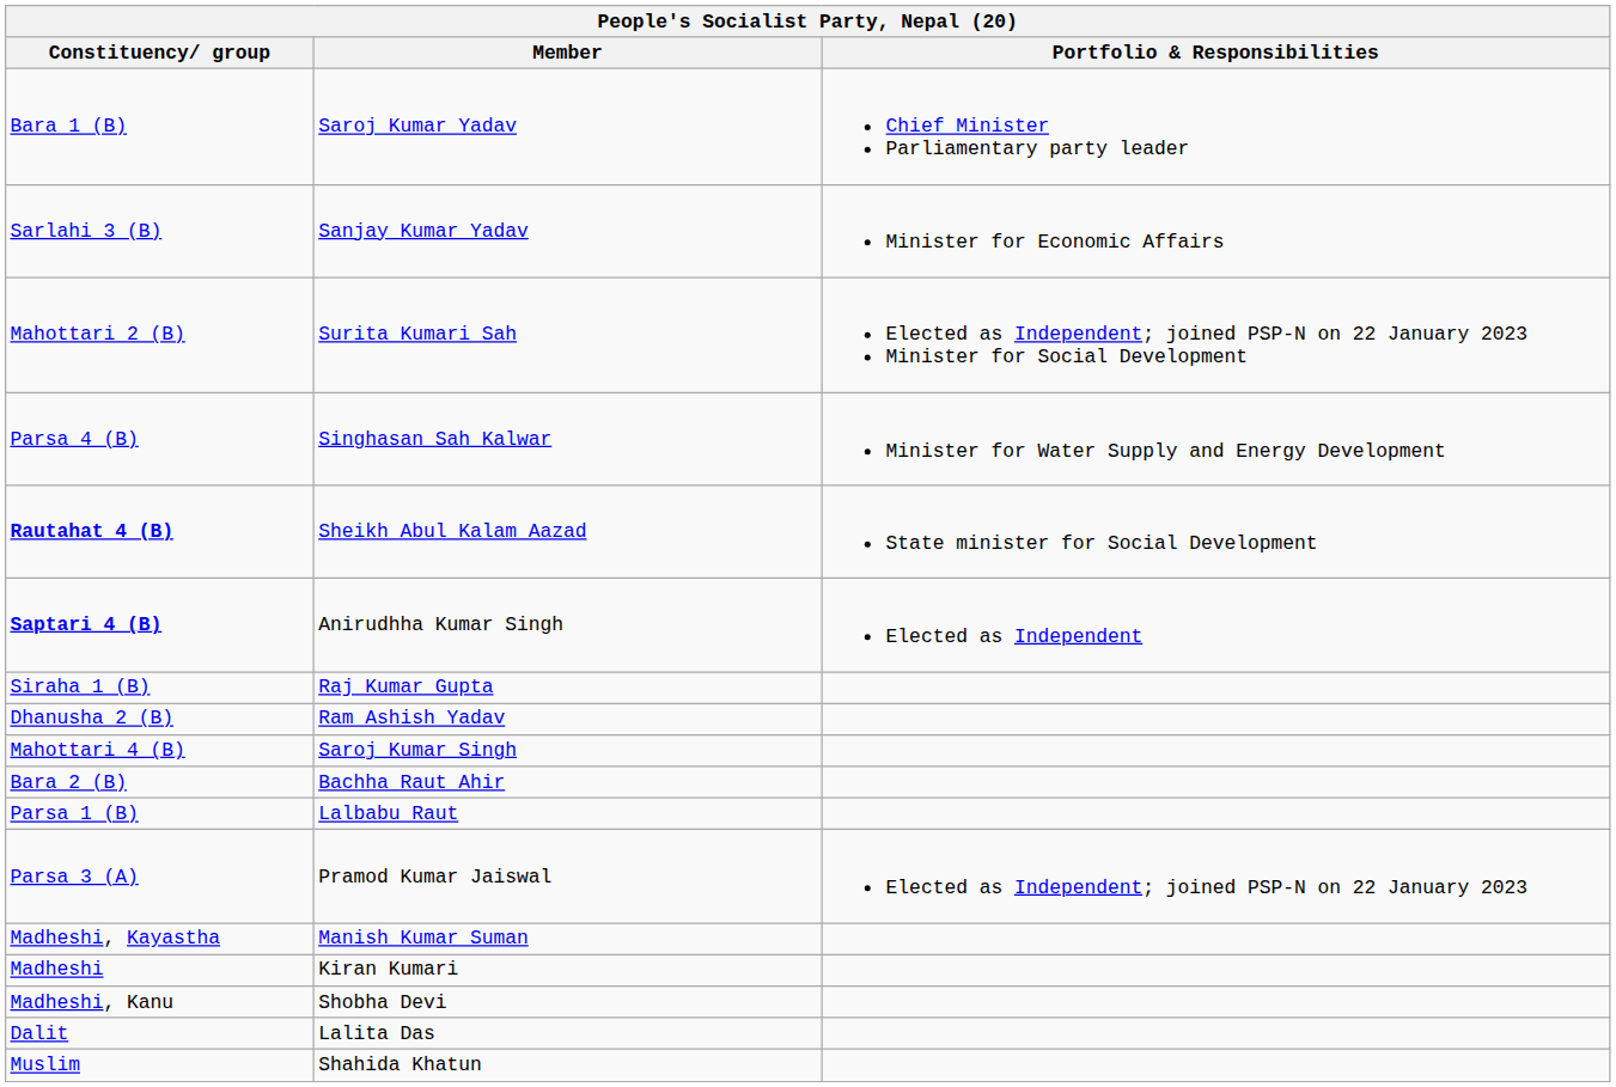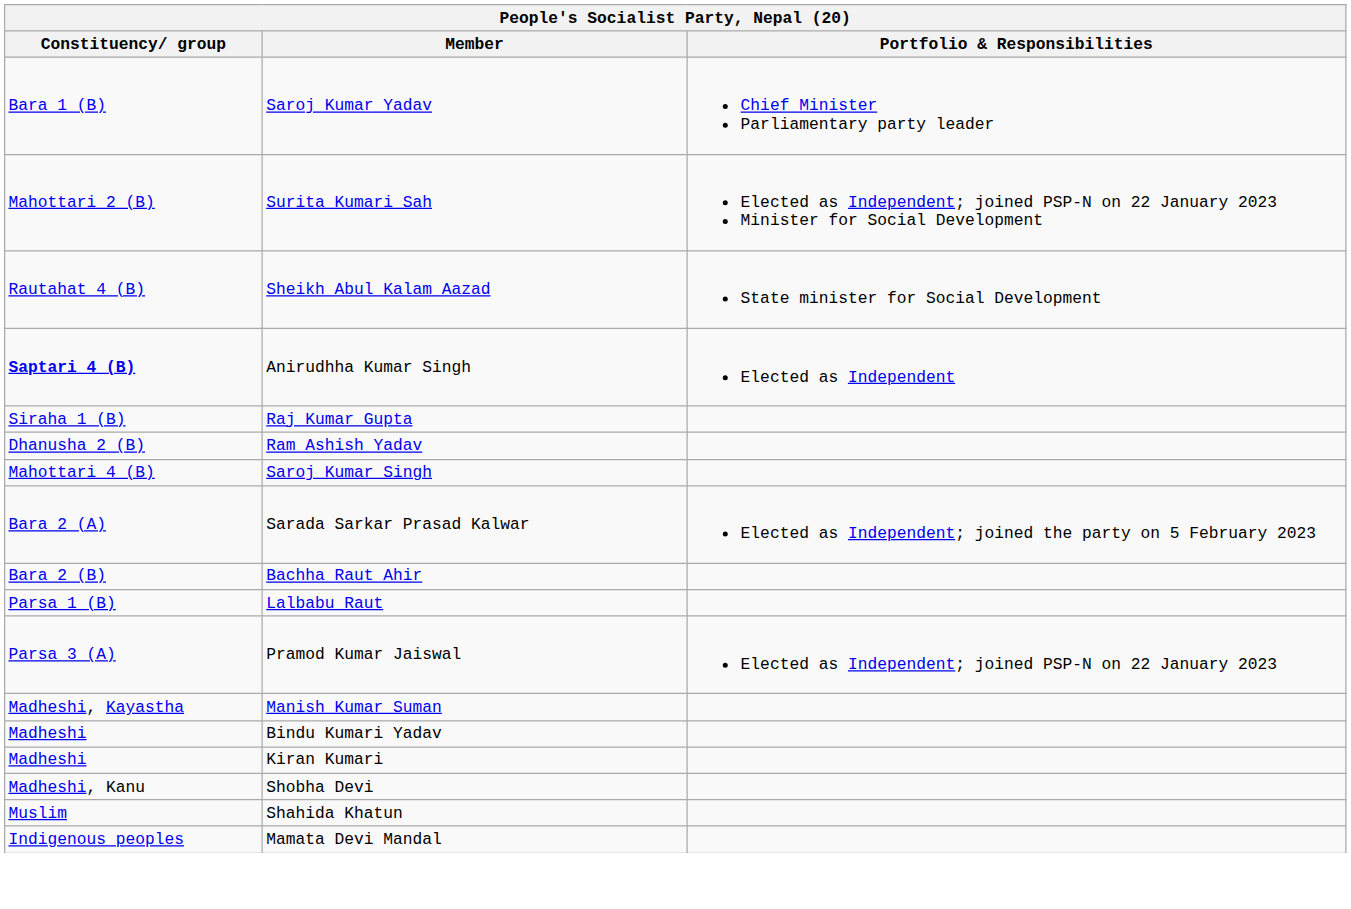 <table class="wikitable sortable mw-collapsible mw-collapsed">
 <tr>
 <th colspan="3" style="width: 800pt; background:">People's Socialist Party, Nepal (20)</th>
 </tr>
 <tr>
 <th style="width:150pt;">Constituency/ group</th>
 <th style="width:250pt;">Member</th>
 <th>Portfolio & Responsibilities</th>
 </tr>
 <tr>
 <td><a href='#'>Bara 1 (B)</a></td>
 <td><a href='#'>Saroj Kumar Yadav</a></td>
 <td><br><ul><li><a href='#'>Chief Minister</a></li><li>Parliamentary party leader</li></ul></td>
 </tr>
 <tr>
-<td><a href='#'>Sarlahi 3 (B)</a></td>
-<td><a href='#'>Sanjay Kumar Yadav</a></td>
-<td><br><ul><li>Minister for Economic Affairs</li></ul></td>
-</tr>
-<tr>
 <td><a href='#'>Mahottari 2 (B)</a></td>
 <td><a href='#'>Surita Kumari Sah</a></td>
 <td><br><ul><li>Elected as <a href='#'>Independent</a>; joined PSP-N on 22 January 2023</li><li>Minister for Social Development</li></ul></td>
 </tr>
 <tr>
-<td><a href='#'>Parsa 4 (B)</a></td>
-<td><a href='#'>Singhasan Sah Kalwar</a></td>
-<td><br><ul><li>Minister for Water Supply and Energy Development</li></ul></td>
-</tr>
-<tr>
-<td><strong><a href='#'>Rautahat 4 (B)</a></strong></td>
+<td><a href='#'>Rautahat 4 (B)</a></td>
 <td><a href='#'>Sheikh Abul Kalam Aazad</a></td>
 <td><br><ul><li>State minister for Social Development</li></ul></td>
 </tr>
 <tr>
 <td><strong><a href='#'>Saptari 4 (B)</a></strong></td>
 <td>Anirudhha Kumar Singh</td>
 <td><br><ul><li>Elected as <a href='#'>Independent</a></li></ul></td>
 </tr>
 <tr>
 <td><a href='#'>Siraha 1 (B)</a></td>
 <td><a href='#'>Raj Kumar Gupta</a></td>
 <td></td>
 </tr>
 <tr>
 <td><a href='#'>Dhanusha 2 (B)</a></td>
 <td><a href='#'>Ram Ashish Yadav</a></td>
 <td></td>
 </tr>
 <tr>
 <td><a href='#'>Mahottari 4 (B)</a></td>
 <td><a href='#'>Saroj Kumar Singh</a></td>
 <td></td>
 </tr>
 <tr>
+<td><a href='#'>Bara 2 (A)</a></td>
+<td>Sarada Sarkar Prasad Kalwar</td>
+<td><br><ul><li>Elected as <a href='#'>Independent</a>; joined the party on 5 February 2023</li></ul></td>
+</tr>
+<tr>
 <td><a href='#'>Bara 2 (B)</a></td>
 <td><a href='#'>Bachha Raut Ahir</a></td>
 <td></td>
 </tr>
 <tr>
 <td><a href='#'>Parsa 1 (B)</a></td>
 <td><a href='#'>Lalbabu Raut</a></td>
 <td></td>
 </tr>
 <tr>
 <td><a href='#'>Parsa 3 (A)</a></td>
 <td>Pramod Kumar Jaiswal</td>
 <td><br><ul><li>Elected as <a href='#'>Independent</a>; joined PSP-N on 22 January 2023</li></ul></td>
 </tr>
 <tr>
 <td><a href='#'>Madheshi</a>, <a href='#'>Kayastha</a></td>
 <td><a href='#'>Manish Kumar Suman</a></td>
 <td></td>
 </tr>
 <tr>
 <td><a href='#'>Madheshi</a></td>
+<td>Bindu Kumari Yadav</td>
+<td></td>
+</tr>
+<tr>
+<td><a href='#'>Madheshi</a></td>
 <td>Kiran Kumari</td>
 <td></td>
 </tr>
 <tr>
 <td><a href='#'>Madheshi</a>, Kanu</td>
 <td>Shobha Devi</td>
 <td></td>
 </tr>
 <tr>
-<td><a href='#'>Dalit</a></td>
-<td>Lalita Das</td>
-<td></td>
-</tr>
-<tr>
 <td><a href='#'>Muslim</a></td>
 <td>Shahida Khatun</td>
 <td></td>
 </tr>
+<tr>
+<td><a href='#'>Indigenous peoples</a></td>
+<td>Mamata Devi Mandal</td>
+<td></td>
+</tr>
 </table>
